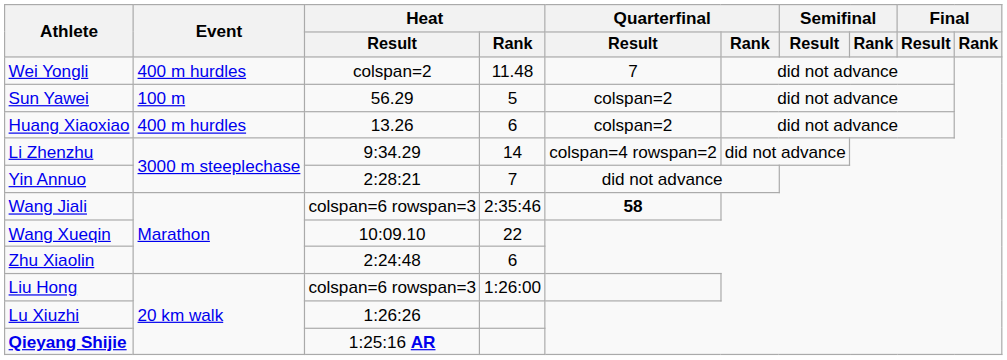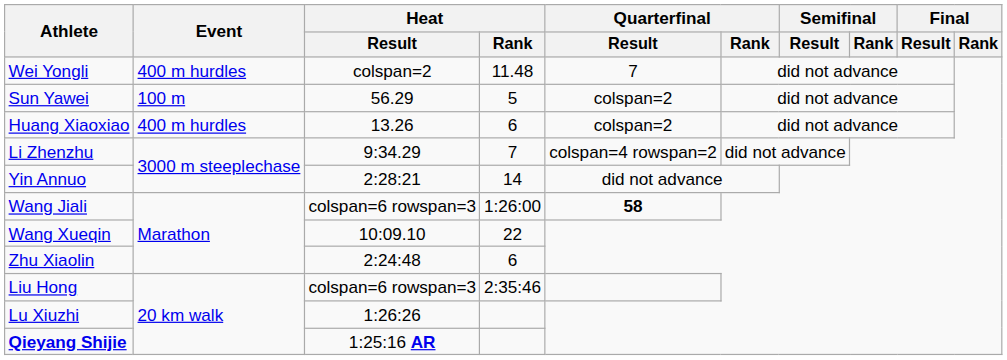 <table class="wikitable" style="font-size:90%">
 <tr>
 <th rowspan="2">Athlete</th>
 <th rowspan="2">Event</th>
 <th colspan="2">Heat</th>
 <th colspan="2">Quarterfinal</th>
 <th colspan="2">Semifinal</th>
 <th colspan="2">Final</th>
 </tr>
 <tr style="font-size:95%">
 <th>Result</th>
 <th>Rank</th>
 <th>Result</th>
 <th>Rank</th>
 <th>Result</th>
 <th>Rank</th>
 <th>Result</th>
 <th>Rank</th>
 </tr>
 <tr align=center>
 <td align=left><a href='#'>Wei Yongli</a></td>
 <td align=left><a href='#'>400 m hurdles</a></td>
 <td>colspan=2 </td>
 <td>11.48</td>
 <td>7</td>
 <td colspan=4>did not advance</td>
 </tr>
 <tr align=center>
 <td align=left><a href='#'>Sun Yawei</a></td>
 <td align=left><a href='#'>100 m</a></td>
 <td>56.29</td>
 <td>5</td>
 <td>colspan=2 </td>
 <td colspan=4>did not advance</td>
 </tr>
 <tr align=center>
 <td align=left><a href='#'>Huang Xiaoxiao</a></td>
 <td align=left><a href='#'>400 m hurdles</a></td>
 <td>13.26</td>
 <td>6</td>
 <td>colspan=2 </td>
 <td colspan=4>did not advance</td>
 </tr>
 <tr align=center>
 <td align=left><a href='#'>Li Zhenzhu</a></td>
 <td align=left rowspan=2><a href='#'>3000 m steeplechase</a></td>
 <td>9:34.29</td>
-<td>14</td>
+<td>7</td>
 <td>colspan=4 rowspan=2 </td>
 <td colspan=2>did not advance</td>
 </tr>
 <tr align=center>
 <td align=left><a href='#'>Yin Annuo</a></td>
 <td>2:28:21</td>
-<td>7</td>
+<td>14</td>
 <td colspan=2>did not advance</td>
 </tr>
 <tr align=center>
 <td align=left><a href='#'>Wang Jiali</a></td>
 <td align=left rowspan=3><a href='#'>Marathon</a></td>
 <td>colspan=6 rowspan=3 </td>
-<td>2:35:46</td>
+<td>1:26:00</td>
 <td><strong>58</strong></td>
 </tr>
 <tr align=center>
 <td align=left><a href='#'>Wang Xueqin</a></td>
 <td>10:09.10</td>
 <td>22</td>
 </tr>
 <tr align=center>
 <td align=left><a href='#'>Zhu Xiaolin</a></td>
 <td>2:24:48</td>
 <td>6</td>
 </tr>
 <tr align=center>
 <td align=left><a href='#'>Liu Hong</a></td>
 <td align=left rowspan=3><a href='#'>20 km walk</a></td>
 <td>colspan=6 rowspan=3 </td>
-<td>1:26:00</td>
+<td>2:35:46</td>
 <td></td>
 </tr>
 <tr align=center>
 <td align=left><a href='#'>Lu Xiuzhi</a></td>
 <td>1:26:26</td>
 <td></td>
 </tr>
 <tr align=center>
 <td align=left><strong><a href='#'>Qieyang Shijie</a></strong></td>
 <td>1:25:16 <strong><a href='#'>AR</a></strong></td>
 <td></td>
 </tr>
 </table>
